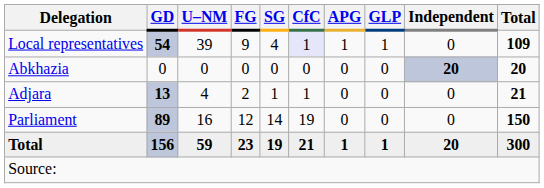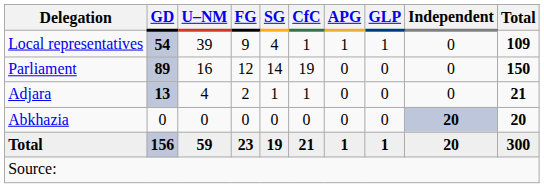 <table class="wikitable sortable" style="text-align:center;">
 <tr>
 <th>Delegation</th>
 <th style="border-bottom:3.5px solid "><a href='#'>GD</a></th>
 <th style="border-bottom:3.5px solid #d13529"><a href='#'>U–NM</a></th>
 <th style="border-bottom:3.5px solid "><a href='#'>FG</a></th>
 <th style="border-bottom:3.5px solid #FDAF11"><a href='#'>SG</a></th>
 <th style="border-bottom:3.5px solid #377149"><a href='#'>CfC</a></th>
 <th style="border-bottom:3.5px solid #E7B031"><a href='#'>APG</a></th>
 <th style="border-bottom:3.5px solid #003C7B"><a href='#'>GLP</a></th>
 <th style="border-bottom:3.5px solid gray">Independent</th>
 <th>Total</th>
 </tr>
 <tr>
 <td style="text-align:left"><a href='#'>Local representatives</a></td>
 <td style="background:#BEC6DB;"><strong>54</strong></td>
 <td>39</td>
 <td>9</td>
 <td>4</td>
-<td style="background: lavender;">1</td>
+<td>1</td>
 <td>1</td>
 <td>1</td>
 <td>0</td>
 <td><strong>109</strong></td>
 </tr>
 <tr>
-<td style="text-align:left"><a href='#'>Abkhazia</a></td>
+<td style="text-align:left"><a href='#'>Parliament</a></td>
+<td style="background:#BEC6DB;"><strong>89</strong></td>
+<td>16</td>
+<td>12</td>
+<td>14</td>
+<td>19</td>
 <td>0</td>
 <td>0</td>
 <td>0</td>
-<td>0</td>
-<td>0</td>
-<td>0</td>
-<td>0</td>
-<td style="background:#BEC6DB;"><strong>20</strong></td>
-<td><strong>20</strong></td>
+<td><strong>150</strong></td>
 </tr>
 <tr>
 <td style="text-align:left"><a href='#'>Adjara</a></td>
 <td style="background:#BEC6DB;"><strong>13</strong></td>
 <td>4</td>
 <td>2</td>
 <td>1</td>
 <td>1</td>
 <td>0</td>
 <td>0</td>
 <td>0</td>
 <td><strong>21</strong></td>
 </tr>
 <tr>
-<td style="text-align:left"><a href='#'>Parliament</a></td>
-<td style="background:#BEC6DB;"><strong>89</strong></td>
-<td>16</td>
-<td>12</td>
-<td>14</td>
-<td>19</td>
+<td style="text-align:left"><a href='#'>Abkhazia</a></td>
 <td>0</td>
 <td>0</td>
 <td>0</td>
-<td><strong>150</strong></td>
+<td>0</td>
+<td>0</td>
+<td>0</td>
+<td>0</td>
+<td style="background:#BEC6DB;"><strong>20</strong></td>
+<td><strong>20</strong></td>
 </tr>
 <tr style="font-weight:bold; background:#EFEFEF;">
 <td style="text-align:left">Total</td>
 <td style="background:#BEC6DB;"><strong>156</strong></td>
 <td>59</td>
 <td>23</td>
 <td>19</td>
 <td>21</td>
 <td>1</td>
 <td>1</td>
 <td>20</td>
 <td><strong>300</strong></td>
 </tr>
 <tr>
 <td style="text-align:left" colspan=10>Source: </td>
 </tr>
 </table>
